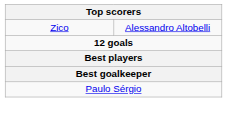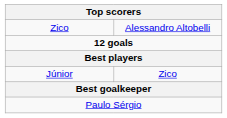 <table class="wikitable" style="margin: 1em auto 1em auto;">
 <tr>
 <th width=340 colspan=2>Top scorers</th>
 </tr>
 <tr align=center style="background:">
 <td style="text-align:center;" width=170> <a href='#'>Zico</a></td>
 <td style="text-align:center;" width=170> <a href='#'>Alessandro Altobelli</a></td>
 </tr>
 <tr>
 <td style="text-align:center;" colspan=2><strong>12 goals</strong></td>
 </tr>
 <tr>
 <th colspan=2>Best players</th>
 </tr>
 <tr>
+<td style="text-align:center;" width=170>  <a href='#'>Júnior</a></td>
+<td style="text-align:center;" width=170>  <a href='#'>Zico</a></td>
+</tr>
+<tr>
 <th colspan=2>Best goalkeeper</th>
 </tr>
 <tr>
 <td style="text-align:center;" colspan=2> <a href='#'>Paulo Sérgio</a></td>
 </tr>
 </table>
